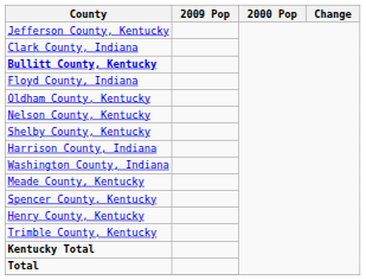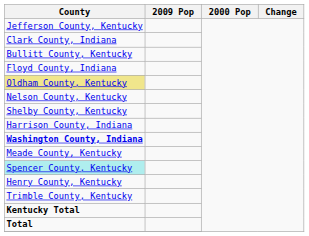 <table class=wikitable>
 <tr>
 <th>County</th>
 <th> 2009 Pop </th>
 <th> 2000 Pop </th>
 <th> Change </th>
 </tr>
 <tr>
 <td><a href='#'>Jefferson County, Kentucky</a></td>
 <td></td>
 </tr>
 <tr>
 <td><a href='#'><span>Clark County, Indiana</span></a></td>
 <td></td>
 </tr>
 <tr>
-<td><strong><a href='#'>Bullitt County, Kentucky</a></strong></td>
+<td><a href='#'>Bullitt County, Kentucky</a></td>
 <td></td>
 </tr>
 <tr>
 <td><a href='#'><span>Floyd County, Indiana</span></a></td>
 <td></td>
 </tr>
 <tr>
-<td><a href='#'>Oldham County, Kentucky</a></td>
+<td style="background: khaki;"><a href='#'>Oldham County, Kentucky</a></td>
 <td></td>
 </tr>
 <tr>
 <td><a href='#'>Nelson County, Kentucky</a></td>
 <td></td>
 </tr>
 <tr>
 <td><a href='#'>Shelby County, Kentucky</a></td>
 <td></td>
 </tr>
 <tr>
 <td><a href='#'><span>Harrison County, Indiana</span></a></td>
 <td></td>
 </tr>
 <tr>
-<td><a href='#'><span>Washington County, Indiana</span></a></td>
+<td><strong><a href='#'><span>Washington County, Indiana</span></a></strong></td>
 <td></td>
 </tr>
 <tr>
 <td><a href='#'>Meade County, Kentucky</a></td>
 <td></td>
 </tr>
 <tr>
-<td><a href='#'>Spencer County, Kentucky</a></td>
+<td style="background: paleturquoise;"><a href='#'>Spencer County, Kentucky</a></td>
 <td></td>
 </tr>
 <tr>
 <td><a href='#'>Henry County, Kentucky</a></td>
 <td></td>
 </tr>
 <tr>
 <td><a href='#'>Trimble County, Kentucky</a></td>
 <td></td>
 </tr>
 <tr>
 <td><strong> Kentucky Total</strong></td>
 <td></td>
 </tr>
 <tr>
 <td><strong>Total</strong></td>
 <td></td>
 </tr>
 <tr>
 </tr>
 </table>
